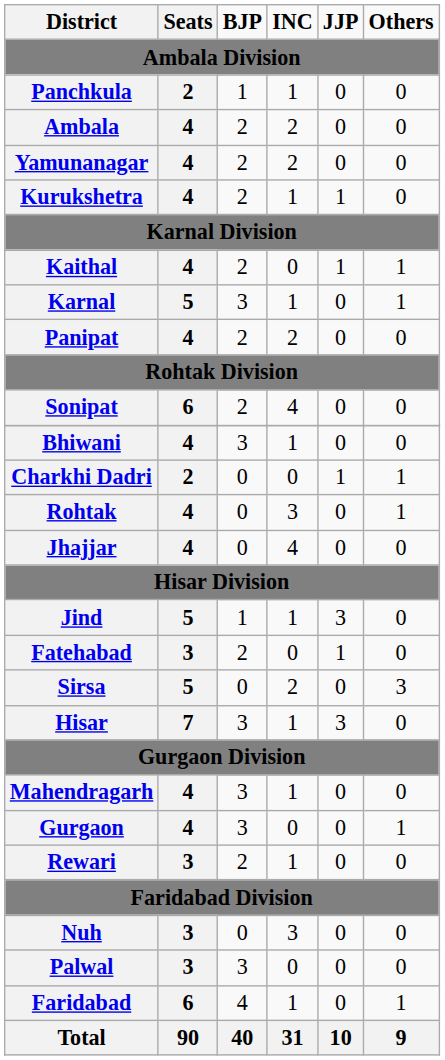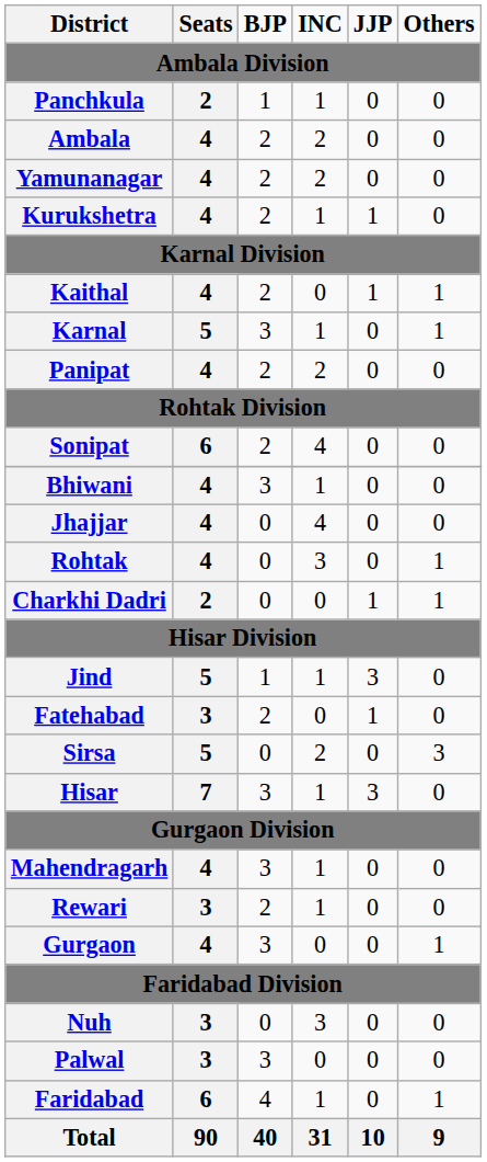 <table class="wikitable sortable" style="text-align:center;">
 <tr>
 <th>District</th>
 <th>Seats</th>
 <td><span><strong>BJP</strong></span></td>
 <td><span><strong>INC</strong></span></td>
 <td><span><strong>JJP</strong></span></td>
 <td><span><strong>Others</strong></span></td>
 </tr>
 <tr>
 <td colspan="6" align="center" style="background-color: grey;"><span><strong>Ambala Division</strong></span></td>
 </tr>
 <tr>
 <th><a href='#'>Panchkula</a></th>
 <th>2</th>
 <td>1</td>
 <td>1</td>
 <td>0</td>
 <td>0</td>
 </tr>
 <tr>
 <th><a href='#'>Ambala</a></th>
 <th>4</th>
 <td>2</td>
 <td>2</td>
 <td>0</td>
 <td>0</td>
 </tr>
 <tr>
 <th><a href='#'>Yamunanagar</a></th>
 <th>4</th>
 <td>2</td>
 <td>2</td>
 <td>0</td>
 <td>0</td>
 </tr>
 <tr>
 <th><a href='#'>Kurukshetra</a></th>
 <th>4</th>
 <td style="background:">2</td>
 <td>1</td>
 <td>1</td>
 <td>0</td>
 </tr>
 <tr>
 <td colspan="6" align="center" style="background-color: grey;"><span><strong>Karnal Division</strong></span></td>
 </tr>
 <tr>
 <th><a href='#'>Kaithal</a></th>
 <th>4</th>
 <td style="background:">2</td>
 <td>0</td>
 <td>1</td>
 <td>1</td>
 </tr>
 <tr>
 <th><a href='#'>Karnal</a></th>
 <th>5</th>
 <td style="background:">3</td>
 <td>1</td>
 <td>0</td>
 <td>1</td>
 </tr>
 <tr>
 <th><a href='#'>Panipat</a></th>
 <th>4</th>
 <td>2</td>
 <td>2</td>
 <td>0</td>
 <td>0</td>
 </tr>
 <tr>
 <td colspan="6" align="center" style="background-color: grey;"><span><strong>Rohtak Division</strong></span></td>
 </tr>
 <tr>
 <th><a href='#'>Sonipat</a></th>
 <th>6</th>
 <td>2</td>
 <td style="background:">4</td>
 <td>0</td>
 <td>0</td>
 </tr>
 <tr>
 </tr>
 <tr>
 <th><a href='#'>Bhiwani</a></th>
 <th>4</th>
 <td style="background:">3</td>
 <td>1</td>
 <td>0</td>
 <td>0</td>
 </tr>
 <tr>
-<th><a href='#'>Charkhi Dadri</a></th>
-<th>2</th>
+<th><a href='#'>Jhajjar</a></th>
+<th>4</th>
+<td>0</td>
+<td style="background:">4</td>
 <td>0</td>
 <td>0</td>
-<td>1</td>
-<td>1</td>
 </tr>
 <tr>
 <th><a href='#'>Rohtak</a></th>
 <th>4</th>
 <td>0</td>
 <td style="background:">3</td>
 <td>0</td>
 <td>1</td>
 </tr>
 <tr>
-<th><a href='#'>Jhajjar</a></th>
-<th>4</th>
-<td>0</td>
-<td style="background:">4</td>
+<th><a href='#'>Charkhi Dadri</a></th>
+<th>2</th>
 <td>0</td>
 <td>0</td>
+<td>1</td>
+<td>1</td>
 </tr>
 <tr>
 <td colspan="6" align="center" style="background-color: grey;"><span><strong>Hisar Division</strong></span></td>
 </tr>
 <tr>
 <th><a href='#'>Jind</a></th>
 <th>5</th>
 <td>1</td>
 <td>1</td>
 <td style="background:">3</td>
 <td>0</td>
 </tr>
 <tr>
 <th><a href='#'>Fatehabad</a></th>
 <th>3</th>
 <td style="background:">2</td>
 <td>0</td>
 <td>1</td>
 <td>0</td>
 </tr>
 <tr>
 <th><a href='#'>Sirsa</a></th>
 <th>5</th>
 <td>0</td>
 <td>2</td>
 <td>0</td>
 <td>3</td>
 </tr>
 <tr>
 <th><a href='#'>Hisar</a></th>
 <th>7</th>
 <td>3</td>
 <td>1</td>
 <td>3</td>
 <td>0</td>
 </tr>
 <tr>
 <td colspan="6" align="center" style="background-color: grey;"><span><strong>Gurgaon Division</strong></span></td>
 </tr>
 <tr>
 <th><a href='#'>Mahendragarh</a></th>
 <th>4</th>
 <td style="background:">3</td>
 <td>1</td>
 <td>0</td>
 <td>0</td>
 </tr>
 <tr>
+<th><a href='#'>Rewari</a></th>
+<th>3</th>
+<td style="background:">2</td>
+<td>1</td>
+<td>0</td>
+<td>0</td>
+</tr>
+<tr>
 <th><a href='#'>Gurgaon</a></th>
 <th>4</th>
 <td style="background:">3</td>
 <td>0</td>
 <td>0</td>
 <td>1</td>
-</tr>
-<tr>
-<th><a href='#'>Rewari</a></th>
-<th>3</th>
-<td style="background:">2</td>
-<td>1</td>
-<td>0</td>
-<td>0</td>
 </tr>
 <tr>
 <td colspan="6" align="center" style="background-color: grey;"><span><strong>Faridabad Division</strong></span></td>
 </tr>
 <tr>
 <th><a href='#'>Nuh</a></th>
 <th>3</th>
 <td>0</td>
 <td style="background:">3</td>
 <td>0</td>
 <td>0</td>
 </tr>
 <tr>
 <th><a href='#'>Palwal</a></th>
 <th>3</th>
 <td style="background:">3</td>
 <td>0</td>
 <td>0</td>
 <td>0</td>
 </tr>
 <tr>
 <th><a href='#'>Faridabad</a></th>
 <th>6</th>
 <td style="background:">4</td>
 <td>1</td>
 <td>0</td>
 <td>1</td>
 </tr>
 <tr>
 <th>Total</th>
 <th>90</th>
 <th>40</th>
 <th>31</th>
 <th>10</th>
 <th>9</th>
 </tr>
 </table>
